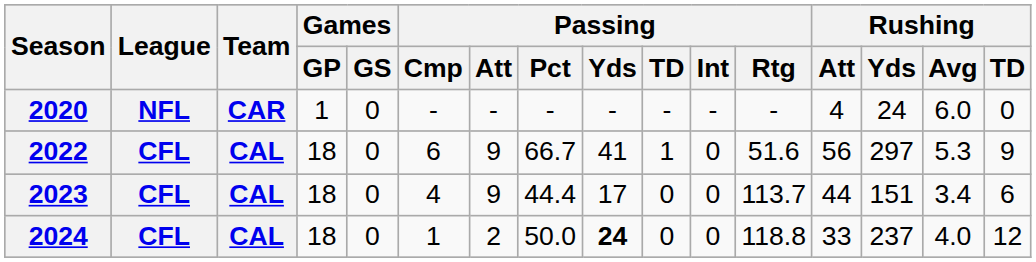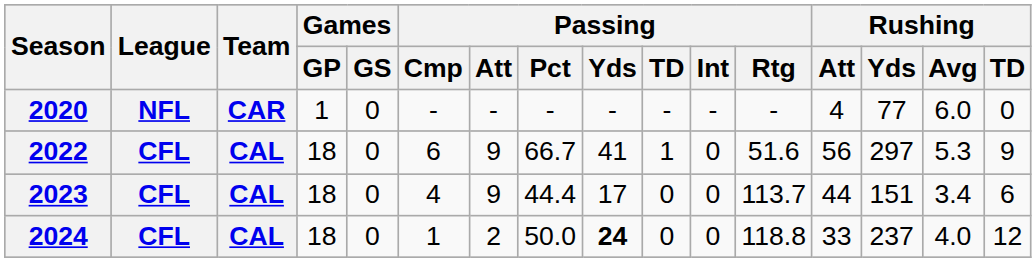 <table class="wikitable" style="text-align: center;">
 <tr>
 <th rowspan="2">Season</th>
 <th rowspan="2">League</th>
 <th rowspan="2">Team</th>
 <th colspan="2">Games</th>
 <th colspan="7">Passing</th>
 <th colspan="4">Rushing</th>
 </tr>
 <tr>
 <th>GP</th>
 <th>GS</th>
 <th>Cmp</th>
 <th>Att</th>
 <th>Pct</th>
 <th>Yds</th>
 <th>TD</th>
 <th>Int</th>
 <th>Rtg</th>
 <th>Att</th>
 <th>Yds</th>
 <th>Avg</th>
 <th>TD</th>
 </tr>
 <tr>
 <th><a href='#'>2020</a></th>
 <th><a href='#'>NFL</a></th>
 <th><a href='#'>CAR</a></th>
 <td>1</td>
 <td>0</td>
 <td>-</td>
 <td>-</td>
 <td>-</td>
 <td>-</td>
 <td>-</td>
 <td>-</td>
 <td>-</td>
 <td>4</td>
-<td>24</td>
+<td>77</td>
 <td>6.0</td>
 <td>0</td>
 </tr>
 <tr>
 <th><a href='#'>2022</a></th>
 <th><a href='#'>CFL</a></th>
 <th><a href='#'>CAL</a></th>
 <td>18</td>
 <td>0</td>
 <td>6</td>
 <td>9</td>
 <td>66.7</td>
 <td>41</td>
 <td>1</td>
 <td>0</td>
 <td>51.6</td>
 <td>56</td>
 <td>297</td>
 <td>5.3</td>
 <td>9</td>
 </tr>
 <tr>
 <th><a href='#'>2023</a></th>
 <th><a href='#'>CFL</a></th>
 <th><a href='#'>CAL</a></th>
 <td>18</td>
 <td>0</td>
 <td>4</td>
 <td>9</td>
 <td>44.4</td>
 <td>17</td>
 <td>0</td>
 <td>0</td>
 <td>113.7</td>
 <td>44</td>
 <td>151</td>
 <td>3.4</td>
 <td>6</td>
 </tr>
 <tr>
 <th><a href='#'>2024</a></th>
 <th><a href='#'>CFL</a></th>
 <th><a href='#'>CAL</a></th>
 <td>18</td>
 <td>0</td>
 <td>1</td>
 <td>2</td>
 <td>50.0</td>
 <td><strong>24</strong></td>
 <td>0</td>
 <td>0</td>
 <td>118.8</td>
 <td>33</td>
 <td>237</td>
 <td>4.0</td>
 <td>12</td>
 </tr>
 </table>
